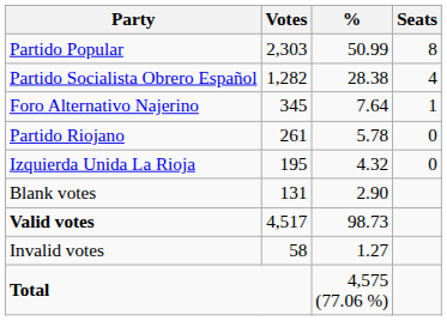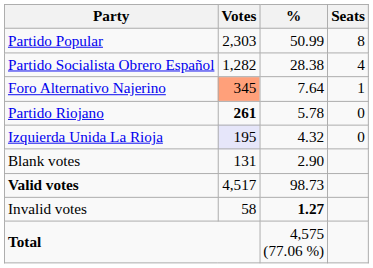 <table class="wikitable">
 <tr style="background:#e9e9e9;">
 <th>Party</th>
 <th>Votes</th>
 <th>%</th>
 <th>Seats</th>
 </tr>
 <tr>
 <td><a href='#'>Partido Popular</a></td>
 <td align="right">2,303</td>
 <td align="right">50.99</td>
 <td align="right">8</td>
 </tr>
 <tr>
 <td><a href='#'>Partido Socialista Obrero Español</a></td>
 <td align="right">1,282</td>
 <td align="right">28.38</td>
 <td align="right">4</td>
 </tr>
 <tr>
 <td><a href='#'>Foro Alternativo Najerino</a></td>
-<td align="right">345</td>
+<td align="right" style="background: lightsalmon;">345</td>
 <td align="right">7.64</td>
 <td align="right">1</td>
 </tr>
 <tr>
 <td><a href='#'>Partido Riojano</a></td>
-<td align="right">261</td>
+<td align="right"><strong>261</strong></td>
 <td align="right">5.78</td>
 <td align="right">0</td>
 </tr>
 <tr>
 <td><a href='#'>Izquierda Unida La Rioja</a></td>
-<td align="right">195</td>
+<td align="right" style="background: lavender;">195</td>
 <td align="right">4.32</td>
 <td align="right">0</td>
 </tr>
 <tr>
 <td>Blank votes</td>
 <td align="right">131</td>
 <td align="right">2.90</td>
 <td> </td>
 </tr>
 <tr>
 <td><strong>Valid votes</strong></td>
 <td align="right">4,517</td>
 <td align="right">98.73</td>
 <td> </td>
 </tr>
 <tr>
 <td>Invalid votes</td>
 <td align="right">58</td>
-<td align="right">1.27</td>
+<td align="right"><strong>1.27</strong></td>
 <td> </td>
 </tr>
 <tr>
 <td colspan="2"><strong>Total</strong></td>
 <td align="right">4,575<br>(77.06 %)</td>
 <td></td>
 </tr>
 </table>
